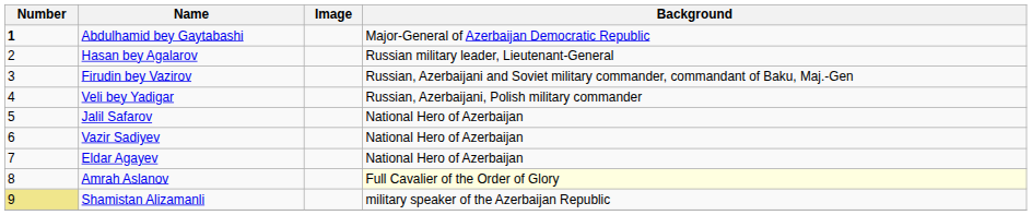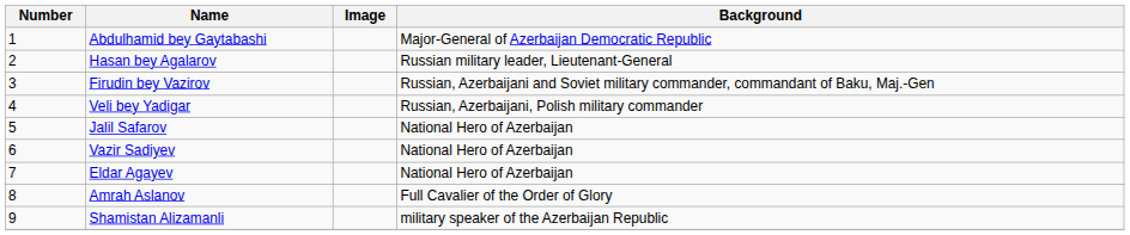 <table class="wikitable plainrowheaders sortable" style="font-size:100%;width:100%">
 <tr>
 <th scope="col">Number</th>
 <th scope="col">Name</th>
 <th scope="col">Image</th>
 <th scope="col">Background</th>
 </tr>
 <tr>
-<td><strong>1</strong></td>
+<td>1</td>
 <td><a href='#'>Abdulhamid bey Gaytabashi</a></td>
 <td></td>
 <td>Major-General of <a href='#'>Azerbaijan Democratic Republic</a></td>
 </tr>
 <tr>
 <td>2</td>
 <td><a href='#'>Hasan bey Agalarov</a></td>
 <td></td>
 <td>Russian military leader, Lieutenant-General</td>
 </tr>
 <tr>
 <td>3</td>
 <td><a href='#'>Firudin bey Vazirov</a></td>
 <td></td>
 <td>Russian, Azerbaijani and Soviet military commander, commandant of Baku, Maj.-Gen</td>
 </tr>
 <tr>
 <td>4</td>
 <td><a href='#'>Veli bey Yadigar</a></td>
 <td></td>
 <td>Russian, Azerbaijani, Polish military commander</td>
 </tr>
 <tr>
 <td>5</td>
 <td><a href='#'>Jalil Safarov</a></td>
 <td></td>
 <td>National Hero of Azerbaijan</td>
 </tr>
 <tr>
 <td>6</td>
 <td><a href='#'>Vazir Sadiyev</a></td>
 <td></td>
 <td>National Hero of Azerbaijan</td>
 </tr>
 <tr>
 <td>7</td>
 <td><a href='#'>Eldar Agayev</a></td>
 <td></td>
 <td>National Hero of Azerbaijan</td>
 </tr>
 <tr>
 <td>8</td>
 <td><a href='#'>Amrah Aslanov</a></td>
 <td></td>
-<td style="background: lightyellow;">Full Cavalier of the Order of Glory</td>
+<td>Full Cavalier of the Order of Glory</td>
 </tr>
 <tr>
-<td style="background: khaki;">9</td>
+<td>9</td>
 <td><a href='#'>Shamistan Alizamanli</a></td>
 <td></td>
 <td>military speaker of the Azerbaijan Republic</td>
 </tr>
 <tr>
 </tr>
 </table>
